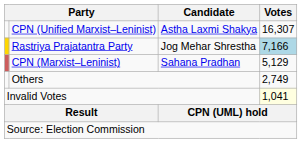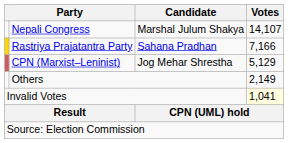 <table class="wikitable">
 <tr>
 <th colspan="2">Party</th>
 <th>Candidate</th>
 <th>Votes</th>
 </tr>
 <tr>
 <td style="background-color:"></td>
-<td><a href='#'>CPN (Unified Marxist–Leninist)</a></td>
-<td><a href='#'>Astha Laxmi Shakya</a></td>
-<td>16,307</td>
+<td><a href='#'>Nepali Congress</a></td>
+<td>Marshal Julum Shakya</td>
+<td>14,107</td>
 </tr>
 <tr>
 <td style="background-color:gold"></td>
 <td><a href='#'>Rastriya Prajatantra Party</a></td>
-<td>Jog Mehar Shrestha</td>
-<td style="background: lightblue;">7,166</td>
+<td><a href='#'>Sahana Pradhan</a></td>
+<td>7,166</td>
 </tr>
 <tr>
 <td style="background-color:indianred"></td>
 <td><a href='#'>CPN (Marxist–Leninist)</a></td>
-<td><a href='#'>Sahana Pradhan</a></td>
+<td>Jog Mehar Shrestha</td>
 <td>5,129</td>
 </tr>
 <tr>
 <td></td>
 <td colspan="2">Others</td>
-<td>2,749</td>
+<td>2,149</td>
 </tr>
 <tr>
 <td colspan="3">Invalid Votes</td>
 <td style="background: lightyellow;">1,041</td>
 </tr>
 <tr>
 <th colspan="2">Result</th>
 <th colspan="2">CPN (UML) hold</th>
 </tr>
 <tr>
 <td colspan="4">Source: Election Commission</td>
 </tr>
 </table>
